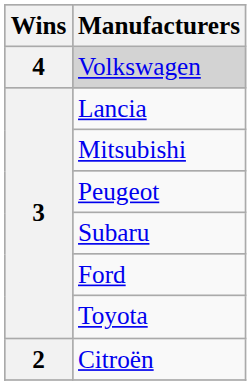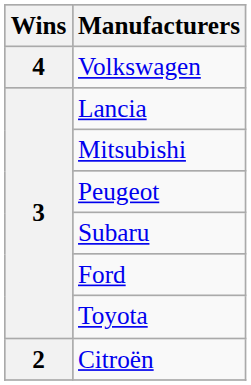 <table class="wikitable" style="font-size: 95%;">
 <tr>
 <th>Wins</th>
 <th>Manufacturers</th>
 </tr>
 <tr>
 <th>4</th>
-<td style="background: lightgrey;"> <a href='#'>Volkswagen</a></td>
+<td> <a href='#'>Volkswagen</a></td>
 </tr>
 <tr>
 <th rowspan="6">3</th>
 <td> <a href='#'>Lancia</a></td>
 </tr>
 <tr>
 <td> <a href='#'>Mitsubishi</a></td>
 </tr>
 <tr>
 <td> <a href='#'>Peugeot</a></td>
 </tr>
 <tr>
 <td> <a href='#'>Subaru</a></td>
 </tr>
 <tr>
 <td> <a href='#'>Ford</a></td>
 </tr>
 <tr>
 <td> <a href='#'>Toyota</a></td>
 </tr>
 <tr>
 <th>2</th>
 <td> <a href='#'>Citroën</a></td>
 </tr>
 </table>
